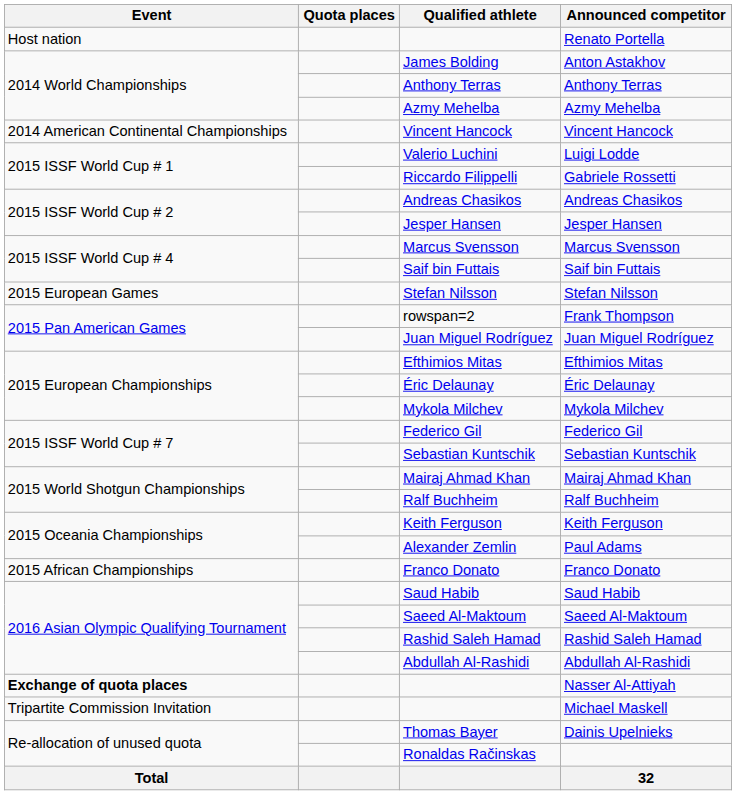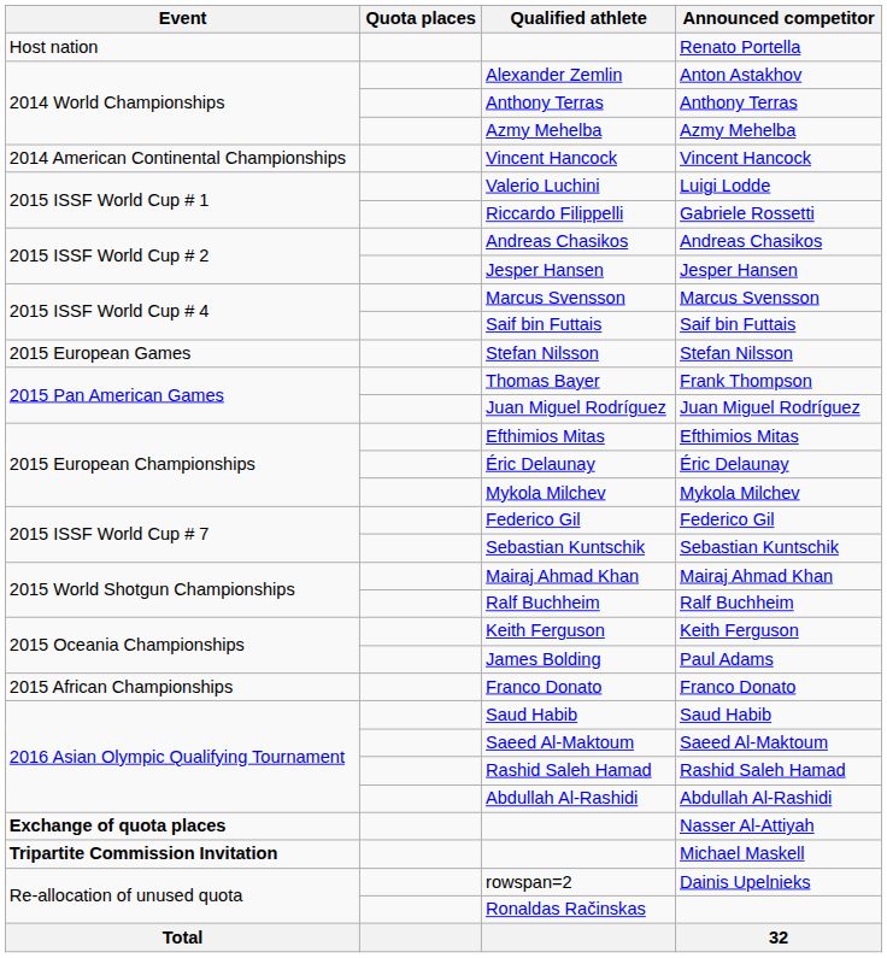 <table class=wikitable style="text-align:left" width=800>
 <tr>
 <th>Event</th>
 <th>Quota places</th>
 <th>Qualified athlete</th>
 <th>Announced competitor</th>
 </tr>
 <tr>
 <td>Host nation</td>
 <td></td>
 <td></td>
 <td><a href='#'>Renato Portella</a></td>
 </tr>
 <tr>
 <td rowspan="3">2014 World Championships</td>
 <td></td>
-<td><a href='#'>James Bolding</a></td>
+<td><a href='#'>Alexander Zemlin</a></td>
 <td><a href='#'>Anton Astakhov</a></td>
 </tr>
 <tr>
 <td></td>
 <td><a href='#'>Anthony Terras</a></td>
 <td><a href='#'>Anthony Terras</a></td>
 </tr>
 <tr>
 <td></td>
 <td><a href='#'>Azmy Mehelba</a></td>
 <td><a href='#'>Azmy Mehelba</a></td>
 </tr>
 <tr>
 <td>2014 American Continental Championships</td>
 <td></td>
 <td><a href='#'>Vincent Hancock</a></td>
 <td><a href='#'>Vincent Hancock</a></td>
 </tr>
 <tr>
 <td rowspan="2">2015 ISSF World Cup # 1</td>
 <td></td>
 <td><a href='#'>Valerio Luchini</a></td>
 <td><a href='#'>Luigi Lodde</a></td>
 </tr>
 <tr>
 <td></td>
 <td><a href='#'>Riccardo Filippelli</a></td>
 <td><a href='#'>Gabriele Rossetti</a></td>
 </tr>
 <tr>
 <td rowspan="2">2015 ISSF World Cup # 2</td>
 <td></td>
 <td><a href='#'>Andreas Chasikos</a></td>
 <td><a href='#'>Andreas Chasikos</a></td>
 </tr>
 <tr>
 <td></td>
 <td><a href='#'>Jesper Hansen</a></td>
 <td><a href='#'>Jesper Hansen</a></td>
 </tr>
 <tr>
 <td rowspan="2">2015 ISSF World Cup # 4</td>
 <td></td>
 <td><a href='#'>Marcus Svensson</a></td>
 <td><a href='#'>Marcus Svensson</a></td>
 </tr>
 <tr>
 <td></td>
 <td><a href='#'>Saif bin Futtais</a></td>
 <td><a href='#'>Saif bin Futtais</a></td>
 </tr>
 <tr>
 <td>2015 European Games</td>
 <td></td>
 <td><a href='#'>Stefan Nilsson</a></td>
 <td><a href='#'>Stefan Nilsson</a></td>
 </tr>
 <tr>
 <td rowspan="2"><a href='#'>2015 Pan American Games</a></td>
 <td></td>
-<td>rowspan=2 </td>
+<td><a href='#'>Thomas Bayer</a></td>
 <td><a href='#'>Frank Thompson</a></td>
 </tr>
 <tr>
 <td></td>
 <td><a href='#'>Juan Miguel Rodríguez</a></td>
 <td><a href='#'>Juan Miguel Rodríguez</a></td>
 </tr>
 <tr>
 <td rowspan="3">2015 European Championships</td>
 <td></td>
 <td><a href='#'>Efthimios Mitas</a></td>
 <td><a href='#'>Efthimios Mitas</a></td>
 </tr>
 <tr>
 <td></td>
 <td><a href='#'>Éric Delaunay</a></td>
 <td><a href='#'>Éric Delaunay</a></td>
 </tr>
 <tr>
 <td></td>
 <td><a href='#'>Mykola Milchev</a></td>
 <td><a href='#'>Mykola Milchev</a></td>
 </tr>
 <tr>
 <td rowspan="2">2015 ISSF World Cup # 7</td>
 <td></td>
 <td><a href='#'>Federico Gil</a></td>
 <td><a href='#'>Federico Gil</a></td>
 </tr>
 <tr>
 <td></td>
 <td><a href='#'>Sebastian Kuntschik</a></td>
 <td><a href='#'>Sebastian Kuntschik</a></td>
 </tr>
 <tr>
 <td rowspan="2">2015 World Shotgun Championships</td>
 <td></td>
 <td><a href='#'>Mairaj Ahmad Khan</a></td>
 <td><a href='#'>Mairaj Ahmad Khan</a></td>
 </tr>
 <tr>
 <td></td>
 <td><a href='#'>Ralf Buchheim</a></td>
 <td><a href='#'>Ralf Buchheim</a></td>
 </tr>
 <tr>
 <td rowspan="2">2015 Oceania Championships</td>
 <td></td>
 <td><a href='#'>Keith Ferguson</a></td>
 <td><a href='#'>Keith Ferguson</a></td>
 </tr>
 <tr>
 <td></td>
-<td><a href='#'>Alexander Zemlin</a></td>
+<td><a href='#'>James Bolding</a></td>
 <td><a href='#'>Paul Adams</a></td>
 </tr>
 <tr>
 <td rowspan="1">2015 African Championships</td>
 <td></td>
 <td><a href='#'>Franco Donato</a></td>
 <td><a href='#'>Franco Donato</a></td>
 </tr>
 <tr>
 <td rowspan="4"><a href='#'>2016 Asian Olympic Qualifying Tournament</a></td>
 <td></td>
 <td><a href='#'>Saud Habib</a></td>
 <td><a href='#'>Saud Habib</a></td>
 </tr>
 <tr>
 <td></td>
 <td><a href='#'>Saeed Al-Maktoum</a></td>
 <td><a href='#'>Saeed Al-Maktoum</a></td>
 </tr>
 <tr>
 <td></td>
 <td><a href='#'>Rashid Saleh Hamad</a></td>
 <td><a href='#'>Rashid Saleh Hamad</a></td>
 </tr>
 <tr>
 <td></td>
 <td><a href='#'>Abdullah Al-Rashidi</a></td>
 <td><a href='#'>Abdullah Al-Rashidi</a></td>
 </tr>
 <tr>
 <td><strong>Exchange of quota places</strong></td>
 <td></td>
 <td></td>
 <td><a href='#'>Nasser Al-Attiyah</a></td>
 </tr>
 <tr>
-<td>Tripartite Commission Invitation</td>
+<td><strong>Tripartite Commission Invitation</strong></td>
 <td></td>
 <td></td>
 <td><a href='#'>Michael Maskell</a></td>
 </tr>
 <tr>
 <td rowspan=2>Re-allocation of unused quota</td>
 <td></td>
-<td><a href='#'>Thomas Bayer</a></td>
+<td>rowspan=2 </td>
 <td><a href='#'>Dainis Upelnieks</a></td>
 </tr>
 <tr>
 <td></td>
 <td><a href='#'>Ronaldas Račinskas</a></td>
 </tr>
 <tr>
 <th>Total</th>
 <th></th>
 <th></th>
 <th>32</th>
 </tr>
 </table>
